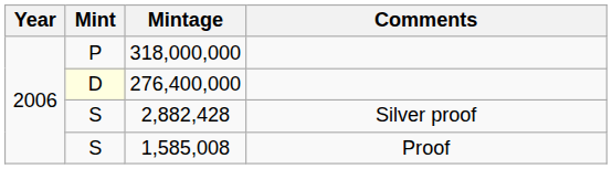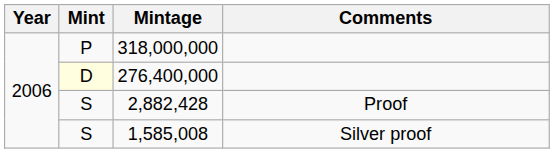 <table class="wikitable sortable" style="min-width:65%; text-align:center;">
 <tr>
 <th width="10%">Year</th>
 <th width="10%">Mint</th>
 <th width="20%">Mintage</th>
 <th width="60%">Comments</th>
 </tr>
 <tr>
 <td rowspan="4">2006</td>
 <td>P</td>
 <td>318,000,000</td>
 <td></td>
 </tr>
 <tr>
 <td style="background: lightyellow;">D</td>
 <td>276,400,000</td>
 <td></td>
 </tr>
 <tr>
 <td>S</td>
 <td>2,882,428</td>
-<td>Silver proof</td>
+<td>Proof</td>
 </tr>
 <tr>
 <td>S</td>
 <td>1,585,008</td>
-<td>Proof</td>
+<td>Silver proof</td>
 </tr>
 </table>
